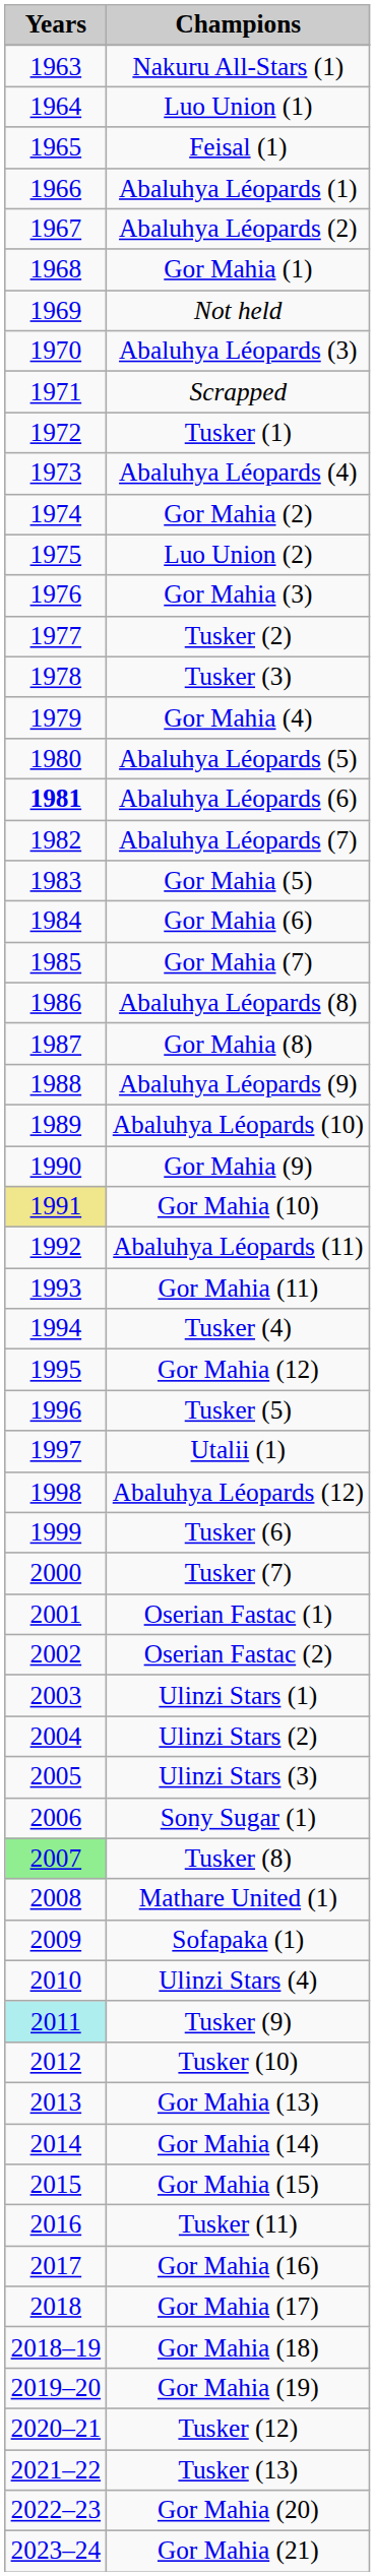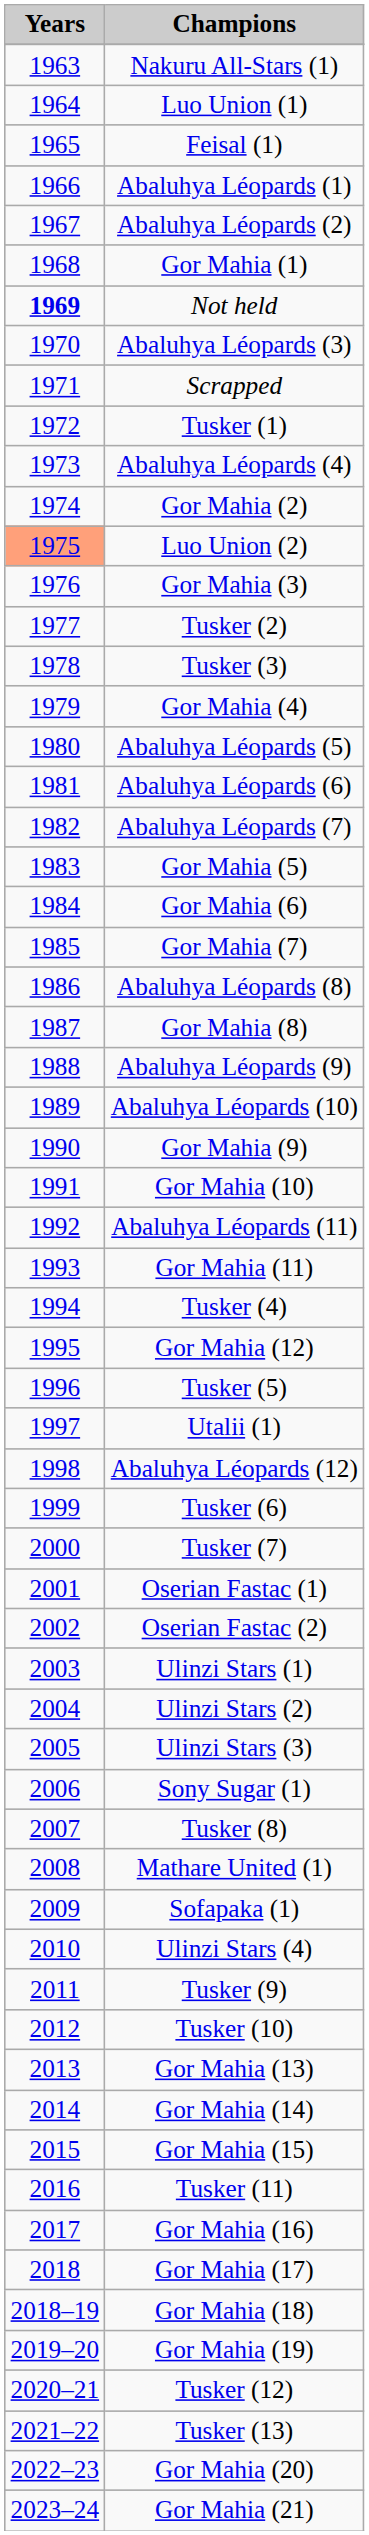 <table class="wikitable" style="text-align: center;">
 <tr bgcolor="#CCCCCC">
 <td><strong>Years</strong></td>
 <td><strong>Champions</strong></td>
 </tr>
 <tr bgcolor="#EFEFEF">
 </tr>
 <tr>
 <td><a href='#'>1963</a></td>
 <td><a href='#'>Nakuru All-Stars</a> (1)</td>
 </tr>
 <tr>
 <td><a href='#'>1964</a></td>
 <td><a href='#'>Luo Union</a> (1)</td>
 </tr>
 <tr>
 <td><a href='#'>1965</a></td>
 <td><a href='#'>Feisal</a> (1)</td>
 </tr>
 <tr>
 <td><a href='#'>1966</a></td>
 <td><a href='#'>Abaluhya Léopards</a> (1)</td>
 </tr>
 <tr>
 <td><a href='#'>1967</a></td>
 <td><a href='#'>Abaluhya Léopards</a> (2)</td>
 </tr>
 <tr>
 <td><a href='#'>1968</a></td>
 <td><a href='#'>Gor Mahia</a> (1)</td>
 </tr>
 <tr>
-<td><a href='#'>1969</a></td>
+<td><strong><a href='#'>1969</a></strong></td>
 <td><em>Not held</em></td>
 </tr>
 <tr>
 <td><a href='#'>1970</a></td>
 <td><a href='#'>Abaluhya Léopards</a> (3)</td>
 </tr>
 <tr>
 <td><a href='#'>1971</a></td>
 <td><em>Scrapped</em></td>
 </tr>
 <tr>
 <td><a href='#'>1972</a></td>
 <td><a href='#'>Tusker</a> (1)</td>
 </tr>
 <tr>
 <td><a href='#'>1973</a></td>
 <td><a href='#'>Abaluhya Léopards</a> (4)</td>
 </tr>
 <tr>
 <td><a href='#'>1974</a></td>
 <td><a href='#'>Gor Mahia</a> (2)</td>
 </tr>
 <tr>
-<td><a href='#'>1975</a></td>
+<td style="background: lightsalmon;"><a href='#'>1975</a></td>
 <td><a href='#'>Luo Union</a> (2)</td>
 </tr>
 <tr>
 <td><a href='#'>1976</a></td>
 <td><a href='#'>Gor Mahia</a> (3)</td>
 </tr>
 <tr>
 <td><a href='#'>1977</a></td>
 <td><a href='#'>Tusker</a> (2)</td>
 </tr>
 <tr>
 <td><a href='#'>1978</a></td>
 <td><a href='#'>Tusker</a> (3)</td>
 </tr>
 <tr>
 <td><a href='#'>1979</a></td>
 <td><a href='#'>Gor Mahia</a> (4)</td>
 </tr>
 <tr>
 <td><a href='#'>1980</a></td>
 <td><a href='#'>Abaluhya Léopards</a> (5)</td>
 </tr>
 <tr>
-<td><strong><a href='#'>1981</a></strong></td>
+<td><a href='#'>1981</a></td>
 <td><a href='#'>Abaluhya Léopards</a> (6)</td>
 </tr>
 <tr>
 <td><a href='#'>1982</a></td>
 <td><a href='#'>Abaluhya Léopards</a> (7)</td>
 </tr>
 <tr>
 <td><a href='#'>1983</a></td>
 <td><a href='#'>Gor Mahia</a> (5)</td>
 </tr>
 <tr>
 <td><a href='#'>1984</a></td>
 <td><a href='#'>Gor Mahia</a> (6)</td>
 </tr>
 <tr>
 <td><a href='#'>1985</a></td>
 <td><a href='#'>Gor Mahia</a> (7)</td>
 </tr>
 <tr>
 <td><a href='#'>1986</a></td>
 <td><a href='#'>Abaluhya Léopards</a> (8)</td>
 </tr>
 <tr>
 <td><a href='#'>1987</a></td>
 <td><a href='#'>Gor Mahia</a> (8)</td>
 </tr>
 <tr>
 <td><a href='#'>1988</a></td>
 <td><a href='#'>Abaluhya Léopards</a> (9)</td>
 </tr>
 <tr>
 <td><a href='#'>1989</a></td>
 <td><a href='#'>Abaluhya Léopards</a> (10)</td>
 </tr>
 <tr>
 <td><a href='#'>1990</a></td>
 <td><a href='#'>Gor Mahia</a> (9)</td>
 </tr>
 <tr>
-<td style="background: khaki;"><a href='#'>1991</a></td>
+<td><a href='#'>1991</a></td>
 <td><a href='#'>Gor Mahia</a> (10)</td>
 </tr>
 <tr>
 <td><a href='#'>1992</a></td>
 <td><a href='#'>Abaluhya Léopards</a> (11)</td>
 </tr>
 <tr>
 <td><a href='#'>1993</a></td>
 <td><a href='#'>Gor Mahia</a> (11)</td>
 </tr>
 <tr>
 <td><a href='#'>1994</a></td>
 <td><a href='#'>Tusker</a> (4)</td>
 </tr>
 <tr>
 <td><a href='#'>1995</a></td>
 <td><a href='#'>Gor Mahia</a> (12)</td>
 </tr>
 <tr>
 <td><a href='#'>1996</a></td>
 <td><a href='#'>Tusker</a> (5)</td>
 </tr>
 <tr>
 <td><a href='#'>1997</a></td>
 <td><a href='#'>Utalii</a> (1)</td>
 </tr>
 <tr>
 <td><a href='#'>1998</a></td>
 <td><a href='#'>Abaluhya Léopards</a> (12)</td>
 </tr>
 <tr>
 <td><a href='#'>1999</a></td>
 <td><a href='#'>Tusker</a> (6)</td>
 </tr>
 <tr>
 <td><a href='#'>2000</a></td>
 <td><a href='#'>Tusker</a> (7)</td>
 </tr>
 <tr>
 <td><a href='#'>2001</a></td>
 <td><a href='#'>Oserian Fastac</a> (1)</td>
 </tr>
 <tr>
 <td><a href='#'>2002</a></td>
 <td><a href='#'>Oserian Fastac</a> (2)</td>
 </tr>
 <tr>
 <td><a href='#'>2003</a></td>
 <td><a href='#'>Ulinzi Stars</a> (1)</td>
 </tr>
 <tr>
 <td><a href='#'>2004</a></td>
 <td><a href='#'>Ulinzi Stars</a> (2)</td>
 </tr>
 <tr>
 <td><a href='#'>2005</a></td>
 <td><a href='#'>Ulinzi Stars</a> (3)</td>
 </tr>
 <tr>
 <td><a href='#'>2006</a></td>
 <td><a href='#'>Sony Sugar</a> (1)</td>
 </tr>
 <tr>
-<td style="background: lightgreen;"><a href='#'>2007</a></td>
+<td><a href='#'>2007</a></td>
 <td><a href='#'>Tusker</a> (8)</td>
 </tr>
 <tr>
 <td><a href='#'>2008</a></td>
 <td><a href='#'>Mathare United</a> (1)</td>
 </tr>
 <tr>
 <td><a href='#'>2009</a></td>
 <td><a href='#'>Sofapaka</a> (1)</td>
 </tr>
 <tr>
 <td><a href='#'>2010</a></td>
 <td><a href='#'>Ulinzi Stars</a> (4)</td>
 </tr>
 <tr>
-<td style="background: paleturquoise;"><a href='#'>2011</a></td>
+<td><a href='#'>2011</a></td>
 <td><a href='#'>Tusker</a> (9)</td>
 </tr>
 <tr>
 <td><a href='#'>2012</a></td>
 <td><a href='#'>Tusker</a> (10)</td>
 </tr>
 <tr>
 <td><a href='#'>2013</a></td>
 <td><a href='#'>Gor Mahia</a> (13)</td>
 </tr>
 <tr>
 <td><a href='#'>2014</a></td>
 <td><a href='#'>Gor Mahia</a> (14)</td>
 </tr>
 <tr>
 <td><a href='#'>2015</a></td>
 <td><a href='#'>Gor Mahia</a> (15)</td>
 </tr>
 <tr>
 <td><a href='#'>2016</a></td>
 <td><a href='#'>Tusker</a> (11)</td>
 </tr>
 <tr>
 <td><a href='#'>2017</a></td>
 <td><a href='#'>Gor Mahia</a> (16)</td>
 </tr>
 <tr>
 <td><a href='#'>2018</a></td>
 <td><a href='#'>Gor Mahia</a> (17)</td>
 </tr>
 <tr>
 <td><a href='#'>2018–19</a></td>
 <td><a href='#'>Gor Mahia</a> (18)</td>
 </tr>
 <tr>
 <td><a href='#'>2019–20</a></td>
 <td><a href='#'>Gor Mahia</a> (19)</td>
 </tr>
 <tr>
 <td><a href='#'>2020–21</a></td>
 <td><a href='#'>Tusker</a> (12)</td>
 </tr>
 <tr>
 <td><a href='#'>2021–22</a></td>
 <td><a href='#'>Tusker</a> (13)</td>
 </tr>
 <tr>
 <td><a href='#'>2022–23</a></td>
 <td><a href='#'>Gor Mahia</a> (20)</td>
 </tr>
 <tr>
 <td><a href='#'>2023–24</a></td>
 <td><a href='#'>Gor Mahia</a> (21)</td>
 </tr>
 </table>
